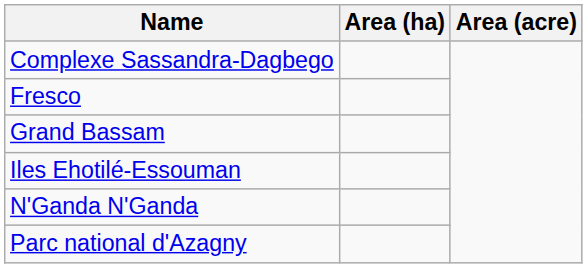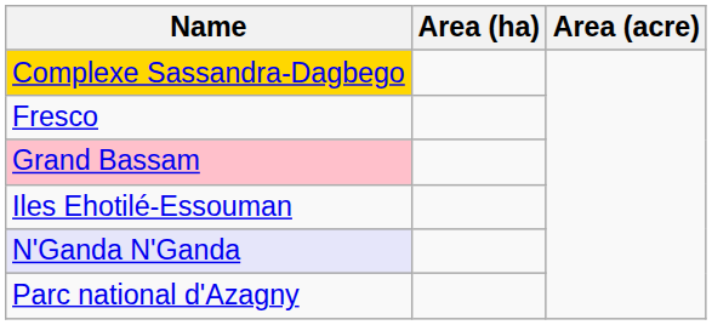 <table class="wikitable sortable">
 <tr>
 <th scope="col" align=left>Name</th>
 <th scope="col">Area (ha)</th>
 <th scope="col">Area (acre)</th>
 </tr>
 <tr ---->
-<td><a href='#'>Complexe Sassandra-Dagbego</a></td>
+<td style="background: gold;"><a href='#'>Complexe Sassandra-Dagbego</a></td>
 <td></td>
 </tr>
 <tr ---->
 <td><a href='#'>Fresco</a></td>
 <td></td>
 </tr>
 <tr ---->
-<td><a href='#'>Grand Bassam</a></td>
+<td style="background: pink;"><a href='#'>Grand Bassam</a></td>
 <td></td>
 </tr>
 <tr ---->
 <td><a href='#'>Iles Ehotilé-Essouman</a></td>
 <td></td>
 </tr>
 <tr ---->
-<td><a href='#'>N'Ganda N'Ganda</a></td>
+<td style="background: lavender;"><a href='#'>N'Ganda N'Ganda</a></td>
 <td></td>
 </tr>
 <tr ---->
 <td><a href='#'>Parc national d'Azagny</a></td>
 <td></td>
 </tr>
 </table>
